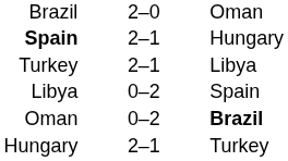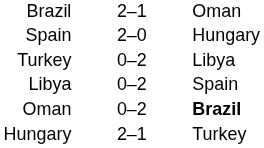 <table style="text-align:center">
 <tr>
 <th width=200></th>
 <th width=100></th>
 <th width=200></th>
 </tr>
 <tr>
 <td align=right>Brazil</td>
-<td>2–0</td>
+<td>2–1</td>
 <td align=left>Oman</td>
 </tr>
 <tr>
-<td align=right><strong>Spain</strong></td>
-<td>2–1</td>
+<td align=right>Spain</td>
+<td>2–0</td>
 <td align=left>Hungary</td>
 </tr>
 <tr>
 <td align=right>Turkey</td>
-<td>2–1</td>
+<td>0–2</td>
 <td align=left>Libya</td>
 </tr>
 <tr>
 <td align=right>Libya</td>
 <td>0–2</td>
 <td align=left>Spain</td>
 </tr>
 <tr>
 <td align=right>Oman</td>
 <td>0–2</td>
 <td align=left><strong>Brazil</strong></td>
 </tr>
 <tr>
 <td align=right>Hungary</td>
 <td>2–1</td>
 <td align=left>Turkey</td>
 </tr>
 <tr>
 </tr>
 </table>
